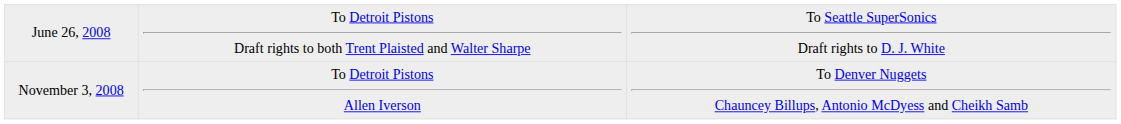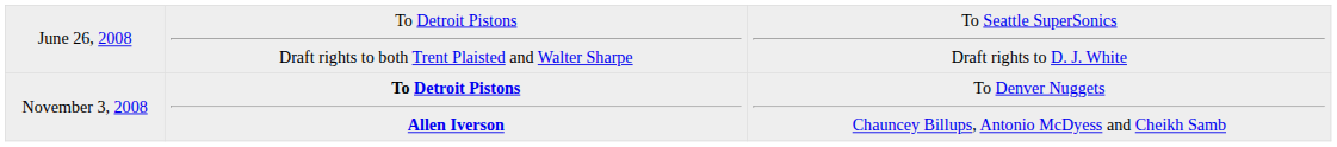 <table border=1 style="border-collapse:collapse; text-align: center; width: 100%" bordercolor="#DFDFDF" cellpadding="5">
 <tr bgcolor="eeeeee">
 <td style="width:12%">June 26, <a href='#'>2008</a><br></td>
 <td style="width:44%" valign="top">To <a href='#'>Detroit Pistons</a><hr>Draft rights to both <a href='#'>Trent Plaisted</a> and <a href='#'>Walter Sharpe</a></td>
 <td style="width:44%" valign="top">To <a href='#'>Seattle SuperSonics</a><hr>Draft rights to <a href='#'>D. J. White</a></td>
 </tr>
 <tr bgcolor="eeeeee">
 <td style="width:12%">November 3, <a href='#'>2008</a><br></td>
-<td style="width:44%" valign="top">To <a href='#'>Detroit Pistons</a><hr><a href='#'>Allen Iverson</a></td>
+<td style="width:44%" valign="top"><strong>To <a href='#'>Detroit Pistons</a><hr><a href='#'>Allen Iverson</a></strong></td>
 <td style="width:44%" valign="top">To <a href='#'>Denver Nuggets</a><hr><a href='#'>Chauncey Billups</a>, <a href='#'>Antonio McDyess</a> and <a href='#'>Cheikh Samb</a></td>
 </tr>
 </table>
